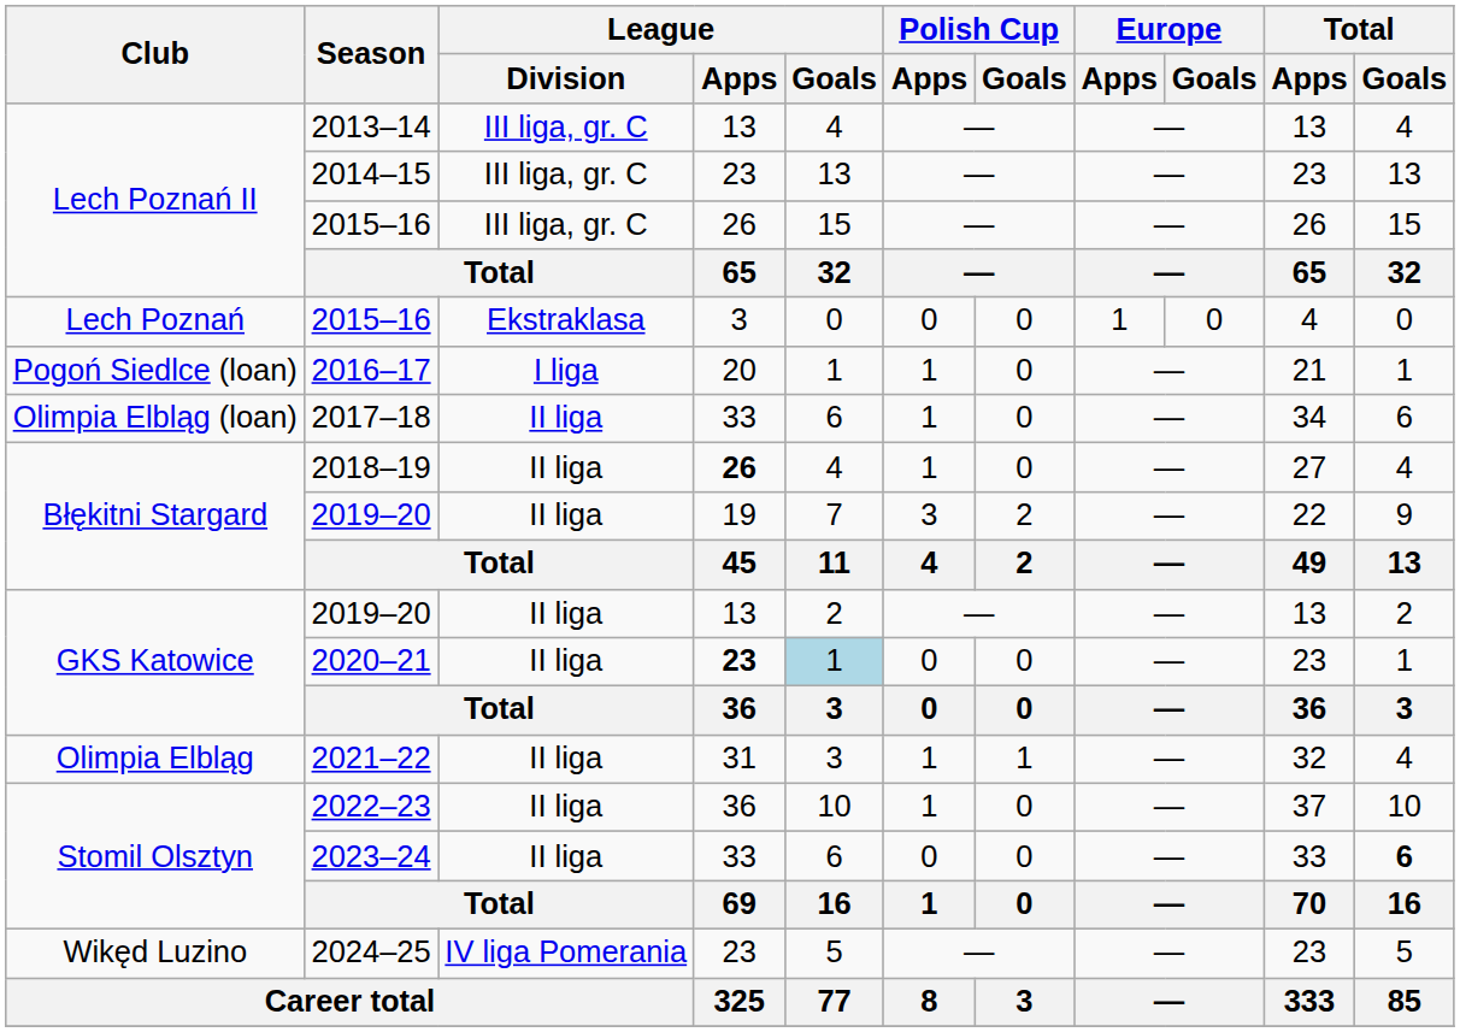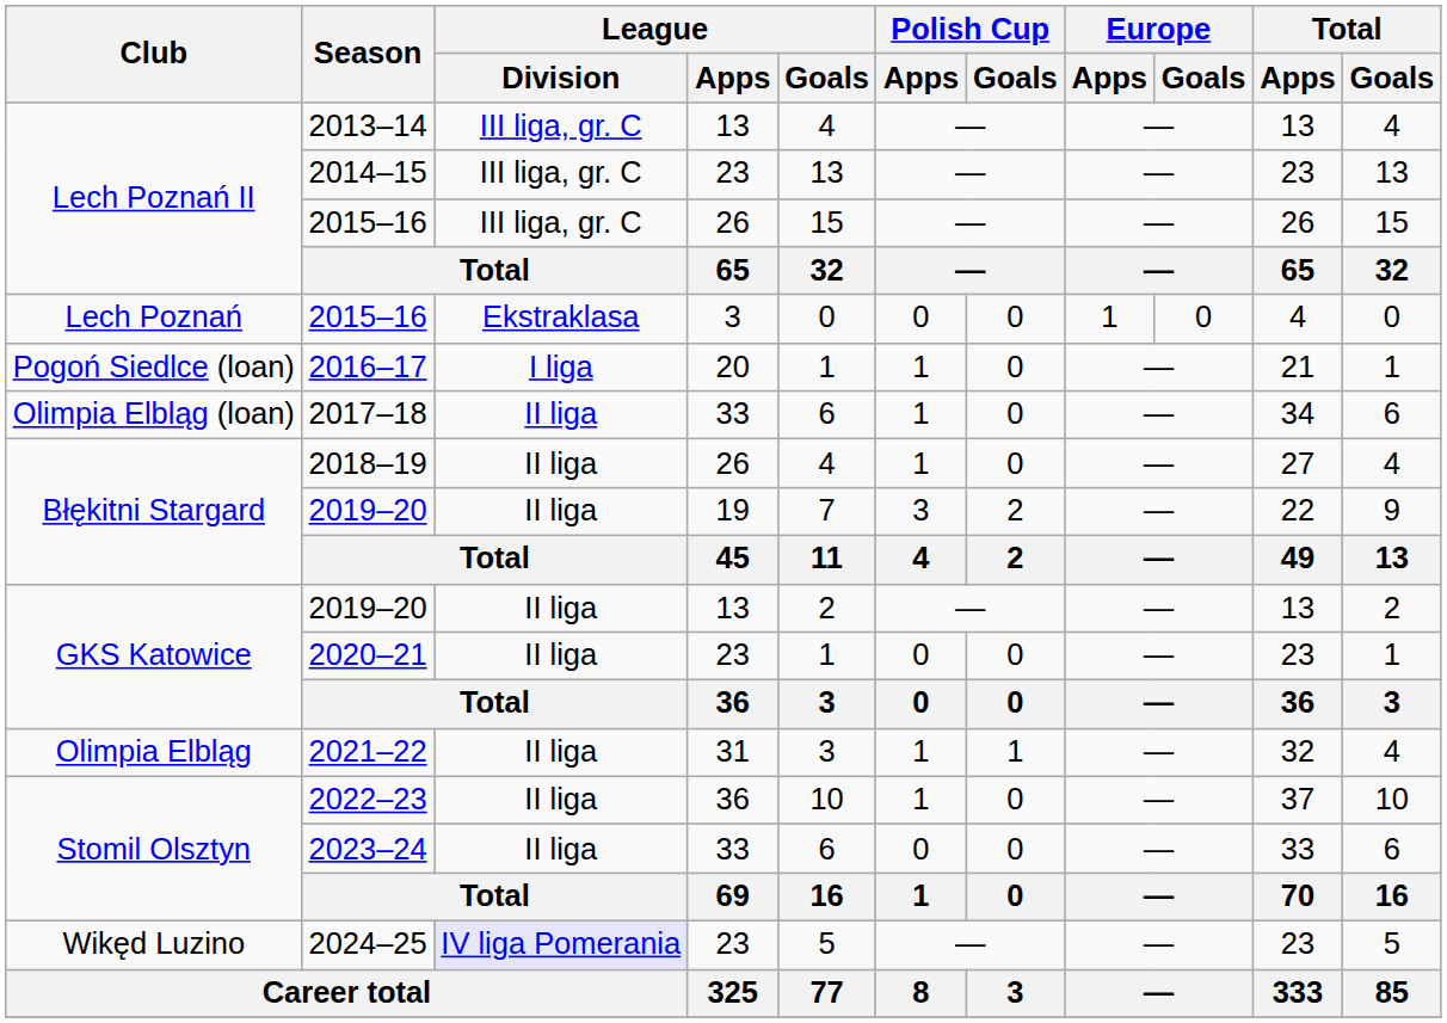 <table class="wikitable" style="text-align: center;">
 <tr>
 <th rowspan="2">Club</th>
 <th rowspan="2">Season</th>
 <th colspan="3">League</th>
 <th colspan="2"><a href='#'>Polish Cup</a></th>
 <th colspan="2"><a href='#'>Europe</a></th>
 <th colspan="2">Total</th>
 </tr>
 <tr>
 <th>Division</th>
 <th>Apps</th>
 <th>Goals</th>
 <th>Apps</th>
 <th>Goals</th>
 <th>Apps</th>
 <th>Goals</th>
 <th>Apps</th>
 <th>Goals</th>
 </tr>
 <tr>
 <td rowspan="4"><a href='#'>Lech Poznań II</a></td>
 <td>2013–14</td>
 <td><a href='#'>III liga, gr. C</a></td>
 <td>13</td>
 <td>4</td>
 <td colspan="2">—</td>
 <td colspan="2">—</td>
 <td>13</td>
 <td>4</td>
 </tr>
 <tr>
 <td>2014–15</td>
 <td>III liga, gr. C</td>
 <td>23</td>
 <td>13</td>
 <td colspan="2">—</td>
 <td colspan="2">—</td>
 <td>23</td>
 <td>13</td>
 </tr>
 <tr>
 <td>2015–16</td>
 <td>III liga, gr. C</td>
 <td>26</td>
 <td>15</td>
 <td colspan="2">—</td>
 <td colspan="2">—</td>
 <td>26</td>
 <td>15</td>
 </tr>
 <tr>
 <th colspan="2">Total</th>
 <th>65</th>
 <th>32</th>
 <th colspan="2">—</th>
 <th colspan="2">—</th>
 <th>65</th>
 <th>32</th>
 </tr>
 <tr>
 <td><a href='#'>Lech Poznań</a></td>
 <td><a href='#'>2015–16</a></td>
 <td><a href='#'>Ekstraklasa</a></td>
 <td>3</td>
 <td>0</td>
 <td>0</td>
 <td>0</td>
 <td>1</td>
 <td>0</td>
 <td>4</td>
 <td>0</td>
 </tr>
 <tr>
 <td><a href='#'>Pogoń Siedlce</a> (loan)</td>
 <td><a href='#'>2016–17</a></td>
 <td><a href='#'>I liga</a></td>
 <td>20</td>
 <td>1</td>
 <td>1</td>
 <td>0</td>
 <td colspan="2">—</td>
 <td>21</td>
 <td>1</td>
 </tr>
 <tr>
 <td><a href='#'>Olimpia Elbląg</a> (loan)</td>
 <td>2017–18</td>
 <td><a href='#'>II liga</a></td>
 <td>33</td>
 <td>6</td>
 <td>1</td>
 <td>0</td>
 <td colspan="2">—</td>
 <td>34</td>
 <td>6</td>
 </tr>
 <tr>
 <td rowspan="3"><a href='#'>Błękitni Stargard</a></td>
 <td>2018–19</td>
 <td>II liga</td>
-<td><strong>26</strong></td>
+<td>26</td>
 <td>4</td>
 <td>1</td>
 <td>0</td>
 <td colspan="2">—</td>
 <td>27</td>
 <td>4</td>
 </tr>
 <tr>
 <td><a href='#'>2019–20</a></td>
 <td>II liga</td>
 <td>19</td>
 <td>7</td>
 <td>3</td>
 <td>2</td>
 <td colspan="2">—</td>
 <td>22</td>
 <td>9</td>
 </tr>
 <tr>
 <th colspan="2">Total</th>
 <th>45</th>
 <th>11</th>
 <th>4</th>
 <th>2</th>
 <th colspan="2">—</th>
 <th>49</th>
 <th>13</th>
 </tr>
 <tr>
 <td rowspan="3"><a href='#'>GKS Katowice</a></td>
 <td>2019–20</td>
 <td>II liga</td>
 <td>13</td>
 <td>2</td>
 <td colspan="2">—</td>
 <td colspan="2">—</td>
 <td>13</td>
 <td>2</td>
 </tr>
 <tr>
 <td><a href='#'>2020–21</a></td>
 <td>II liga</td>
-<td><strong>23</strong></td>
-<td style="background: lightblue;">1</td>
+<td>23</td>
+<td>1</td>
 <td>0</td>
 <td>0</td>
 <td colspan="2">—</td>
 <td>23</td>
 <td>1</td>
 </tr>
 <tr>
 <th colspan="2">Total</th>
 <th>36</th>
 <th>3</th>
 <th>0</th>
 <th>0</th>
 <th colspan="2">—</th>
 <th>36</th>
 <th>3</th>
 </tr>
 <tr>
 <td><a href='#'>Olimpia Elbląg</a></td>
 <td><a href='#'>2021–22</a></td>
 <td>II liga</td>
 <td>31</td>
 <td>3</td>
 <td>1</td>
 <td>1</td>
 <td colspan="2">—</td>
 <td>32</td>
 <td>4</td>
 </tr>
 <tr>
 <td rowspan="3"><a href='#'>Stomil Olsztyn</a></td>
 <td><a href='#'>2022–23</a></td>
 <td>II liga</td>
 <td>36</td>
 <td>10</td>
 <td>1</td>
 <td>0</td>
 <td colspan="2">—</td>
 <td>37</td>
 <td>10</td>
 </tr>
 <tr>
 <td><a href='#'>2023–24</a></td>
 <td>II liga</td>
 <td>33</td>
 <td>6</td>
 <td>0</td>
 <td>0</td>
 <td colspan="2">—</td>
 <td>33</td>
-<td><strong>6</strong></td>
+<td>6</td>
 </tr>
 <tr>
 <th colspan="2">Total</th>
 <th>69</th>
 <th>16</th>
 <th>1</th>
 <th>0</th>
 <th colspan="2">—</th>
 <th>70</th>
 <th>16</th>
 </tr>
 <tr>
 <td>Wikęd Luzino</td>
 <td>2024–25</td>
-<td><a href='#'>IV liga Pomerania</a></td>
+<td style="background: lavender;"><a href='#'>IV liga Pomerania</a></td>
 <td>23</td>
 <td>5</td>
 <td colspan="2">—</td>
 <td colspan="2">—</td>
 <td>23</td>
 <td>5</td>
 </tr>
 <tr>
 <th colspan="3">Career total</th>
 <th>325</th>
 <th>77</th>
 <th>8</th>
 <th>3</th>
 <th colspan="2">—</th>
 <th>333</th>
 <th>85</th>
 </tr>
 <tr>
 </tr>
 </table>
